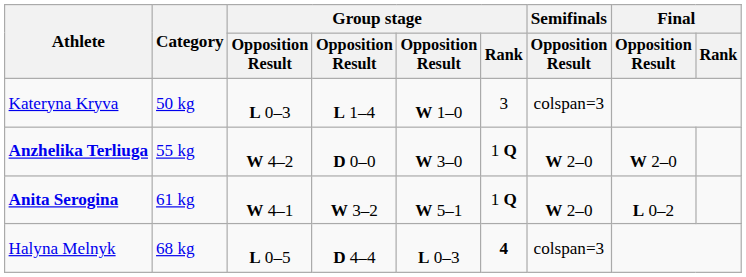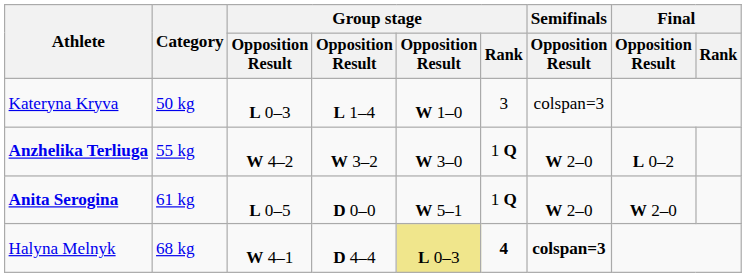 <table class="wikitable" style="text-align:center; font-size:90%">
 <tr>
 <th rowspan=2>Athlete</th>
 <th rowspan=2>Category</th>
 <th colspan=4>Group stage</th>
 <th>Semifinals</th>
 <th colspan=2>Final</th>
 </tr>
 <tr style="font-size:95%">
 <th>Opposition<br>Result</th>
 <th>Opposition<br>Result</th>
 <th>Opposition<br>Result</th>
 <th>Rank</th>
 <th>Opposition<br>Result</th>
 <th>Opposition<br>Result</th>
 <th>Rank</th>
 </tr>
 <tr>
 <td align=left><a href='#'>Kateryna Kryva</a></td>
 <td align=left><a href='#'>50 kg</a></td>
 <td><br><strong>L</strong> 0–3</td>
 <td><br><strong>L</strong> 1–4</td>
 <td><br><strong>W</strong> 1–0</td>
 <td>3</td>
 <td>colspan=3 </td>
 </tr>
 <tr>
 <td align=left><strong><a href='#'>Anzhelika Terliuga</a></strong></td>
 <td align=left><a href='#'>55 kg</a></td>
 <td><br><strong>W</strong> 4–2</td>
+<td><br><strong>W</strong> 3–2</td>
+<td><br><strong>W</strong> 3–0</td>
+<td>1 <strong>Q</strong></td>
+<td><br><strong>W</strong> 2–0</td>
+<td><br><strong>L</strong> 0–2</td>
+<td></td>
+</tr>
+<tr>
+<td align=left><strong><a href='#'>Anita Serogina</a></strong></td>
+<td align=left><a href='#'>61 kg</a></td>
+<td><br><strong>L</strong> 0–5</td>
 <td><br><strong>D</strong> 0–0</td>
-<td><br><strong>W</strong> 3–0</td>
+<td><br><strong>W</strong> 5–1</td>
 <td>1 <strong>Q</strong></td>
 <td><br><strong>W</strong> 2–0</td>
 <td><br><strong>W</strong> 2–0</td>
 <td></td>
 </tr>
 <tr>
-<td align=left><strong><a href='#'>Anita Serogina</a></strong></td>
-<td align=left><a href='#'>61 kg</a></td>
-<td><br><strong>W</strong> 4–1</td>
-<td><br><strong>W</strong> 3–2</td>
-<td><br><strong>W</strong> 5–1</td>
-<td>1 <strong>Q</strong></td>
-<td><br><strong>W</strong> 2–0</td>
-<td><br><strong>L</strong> 0–2</td>
-<td></td>
-</tr>
-<tr>
 <td align=left><a href='#'>Halyna Melnyk</a></td>
 <td align=left><a href='#'>68 kg</a></td>
-<td><br><strong>L</strong> 0–5</td>
+<td><br><strong>W</strong> 4–1</td>
 <td><br><strong>D</strong> 4–4</td>
-<td><br><strong>L</strong> 0–3</td>
+<td style="background: khaki;"><br><strong>L</strong> 0–3</td>
 <td><strong>4</strong></td>
-<td>colspan=3 </td>
+<td><strong>colspan=3 </strong></td>
 </tr>
 </table>
